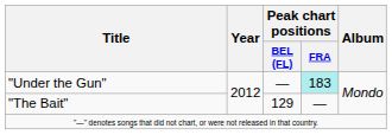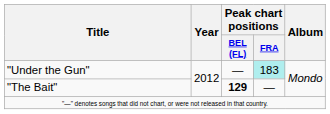 <table class="wikitable">
 <tr>
 <th scope="col" rowspan="2" style="width:16em;">Title</th>
 <th scope="col" rowspan="2" style="width:2em;">Year</th>
 <th scope="col" colspan="2">Peak chart positions</th>
 <th scope="col" rowspan="2">Album</th>
 </tr>
 <tr>
 <th style="width:3em;font-size:80%;"><a href='#'>BEL<br>(FL)</a><br></th>
 <th style="width:3em;font-size:80%;"><a href='#'>FRA</a><br></th>
 </tr>
 <tr>
 <td>"Under the Gun"</td>
 <td align="center" rowspan="2">2012</td>
 <td align="center">—</td>
 <td align="center" style="background: paleturquoise;">183</td>
 <td align="center" rowspan="2"><em>Mondo</em></td>
 </tr>
 <tr>
 <td>"The Bait"</td>
-<td align="center">129</td>
+<td align="center"><strong>129</strong></td>
 <td align="center">—</td>
 </tr>
 <tr>
 <td colspan="10" style="text-align:center; font-size:8pt;"><small>"—" denotes songs that did not chart, or were not released in that country.</small></td>
 </tr>
 </table>
